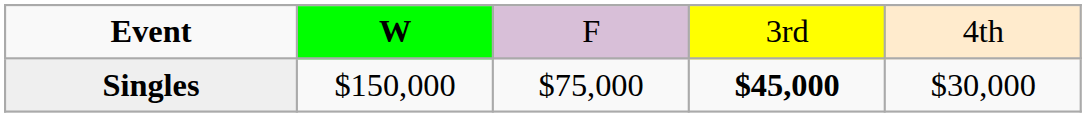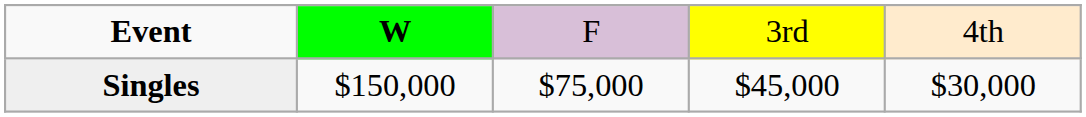 <table class=wikitable style=font-size:95%;text-align:center>
 <tr>
 <td style="width:130px"><strong>Event</strong></td>
 <td style="width:85px; background:lime"><strong>W</strong></td>
 <td style="width:85px; background:thistle">F</td>
 <td style="width:85px; background:#ffff00">3rd</td>
 <td style="width:85px; background:#ffebcd">4th</td>
 </tr>
 <tr>
 <th style=background:#efefef>Singles </th>
 <td>$150,000</td>
 <td>$75,000</td>
-<td><strong>$45,000</strong></td>
+<td>$45,000</td>
 <td>$30,000</td>
 </tr>
 </table>
